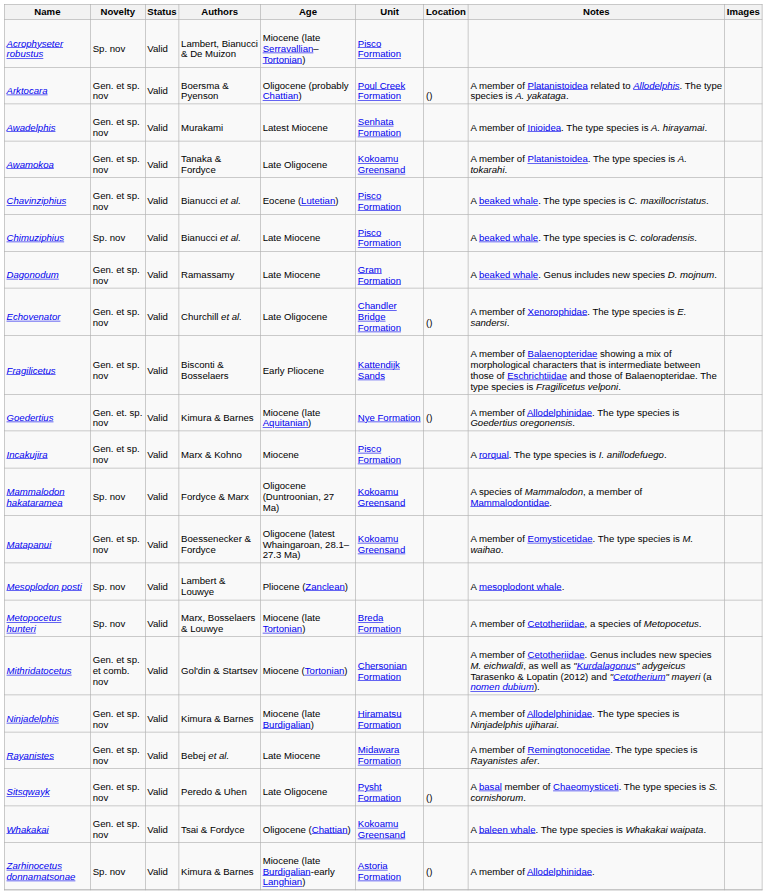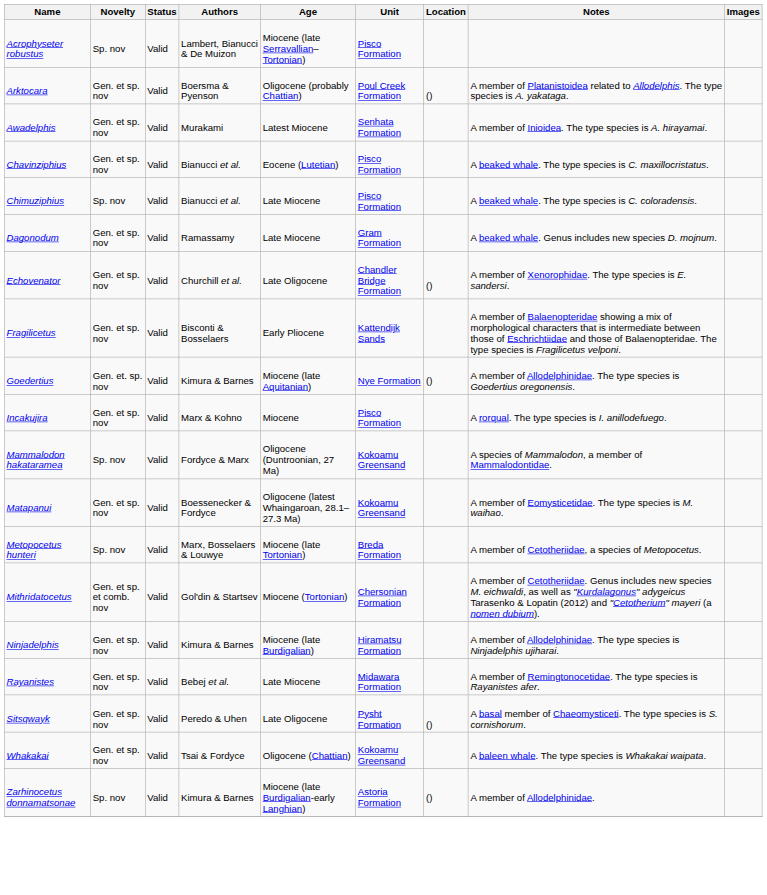 <table class="wikitable sortable" align="center" width="100%">
 <tr>
 <th>Name</th>
 <th>Novelty</th>
 <th>Status</th>
 <th>Authors</th>
 <th>Age</th>
 <th>Unit</th>
 <th>Location</th>
 <th>Notes</th>
 <th>Images</th>
 </tr>
 <tr>
 <td><br><em><a href='#'>Acrophyseter robustus</a></em></td>
 <td><br>Sp. nov</td>
 <td><br>Valid</td>
 <td><br>Lambert, Bianucci & De Muizon</td>
 <td><br>Miocene (late <a href='#'>Serravallian</a>–<a href='#'>Tortonian</a>)</td>
 <td><br><a href='#'>Pisco Formation</a></td>
 <td><br></td>
 <td></td>
 <td></td>
 </tr>
 <tr>
 <td><br><em><a href='#'>Arktocara</a></em></td>
 <td><br>Gen. et sp. nov</td>
 <td><br>Valid</td>
 <td><br>Boersma & Pyenson</td>
 <td><br>Oligocene (probably <a href='#'>Chattian</a>)</td>
 <td><br><a href='#'>Poul Creek Formation</a></td>
 <td><br><br>()</td>
 <td><br>A member of <a href='#'>Platanistoidea</a> related to <em><a href='#'>Allodelphis</a></em>. The type species is <em>A. yakataga</em>.</td>
 <td></td>
 </tr>
 <tr>
 <td><br><em><a href='#'>Awadelphis</a></em></td>
 <td><br>Gen. et sp. nov</td>
 <td><br>Valid</td>
 <td><br>Murakami</td>
 <td><br>Latest Miocene</td>
 <td><br><a href='#'>Senhata Formation</a></td>
 <td><br></td>
 <td><br>A member of <a href='#'>Inioidea</a>. The type species is <em>A. hirayamai</em>.</td>
-<td></td>
-</tr>
-<tr>
-<td><br><em><a href='#'>Awamokoa</a></em></td>
-<td><br>Gen. et sp. nov</td>
-<td><br>Valid</td>
-<td><br>Tanaka & Fordyce</td>
-<td><br>Late Oligocene</td>
-<td><br><a href='#'>Kokoamu Greensand</a></td>
-<td><br></td>
-<td><br>A member of <a href='#'>Platanistoidea</a>. The type species is <em>A. tokarahi</em>.</td>
 <td></td>
 </tr>
 <tr>
 <td><br><em><a href='#'>Chavinziphius</a></em></td>
 <td><br>Gen. et sp. nov</td>
 <td><br>Valid</td>
 <td><br>Bianucci <em>et al.</em></td>
 <td><br>Eocene (<a href='#'>Lutetian</a>)</td>
 <td><br><a href='#'>Pisco Formation</a></td>
 <td><br></td>
 <td><br>A <a href='#'>beaked whale</a>. The type species is <em>C. maxillocristatus</em>.</td>
 <td></td>
 </tr>
 <tr>
 <td><br><em><a href='#'>Chimuziphius</a></em></td>
 <td><br>Sp. nov</td>
 <td><br>Valid</td>
 <td><br>Bianucci <em>et al.</em></td>
 <td><br>Late Miocene</td>
 <td><br><a href='#'>Pisco Formation</a></td>
 <td><br></td>
 <td><br>A <a href='#'>beaked whale</a>. The type species is <em>C. coloradensis</em>.</td>
 <td></td>
 </tr>
 <tr>
 <td><br><em><a href='#'>Dagonodum</a></em></td>
 <td><br>Gen. et sp. nov</td>
 <td><br>Valid</td>
 <td><br>Ramassamy</td>
 <td><br>Late Miocene</td>
 <td><br><a href='#'>Gram Formation</a></td>
 <td><br></td>
 <td><br>A <a href='#'>beaked whale</a>. Genus includes new species <em>D. mojnum</em>.</td>
 <td></td>
 </tr>
 <tr>
 <td><br><em><a href='#'>Echovenator</a></em></td>
 <td><br>Gen. et sp. nov</td>
 <td><br>Valid</td>
 <td><br>Churchill <em>et al.</em></td>
 <td><br>Late Oligocene</td>
 <td><br><a href='#'>Chandler Bridge Formation</a></td>
 <td><br><br>()</td>
 <td><br>A member of <a href='#'>Xenorophidae</a>. The type species is <em>E. sandersi</em>.</td>
 <td></td>
 </tr>
 <tr>
 <td><br><em><a href='#'>Fragilicetus</a></em></td>
 <td><br>Gen. et sp. nov</td>
 <td><br>Valid</td>
 <td><br>Bisconti & Bosselaers</td>
 <td><br>Early Pliocene</td>
 <td><br><a href='#'>Kattendijk Sands</a></td>
 <td><br><br> </td>
 <td><br>A member of <a href='#'>Balaenopteridae</a> showing a mix of morphological characters that is intermediate between those of <a href='#'>Eschrichtiidae</a> and those of Balaenopteridae. The type species is <em>Fragilicetus velponi</em>.</td>
 <td></td>
 </tr>
 <tr>
 <td><br><em><a href='#'>Goedertius</a></em></td>
 <td><br>Gen. et. sp. nov</td>
 <td><br>Valid</td>
 <td><br>Kimura & Barnes</td>
 <td><br>Miocene (late <a href='#'>Aquitanian</a>)</td>
 <td><br><a href='#'>Nye Formation</a></td>
 <td><br> ()</td>
 <td><br>A member of <a href='#'>Allodelphinidae</a>. The type species is <em>Goedertius oregonensis</em>.</td>
 <td></td>
 </tr>
 <tr>
 <td><br><em><a href='#'>Incakujira</a></em></td>
 <td><br>Gen. et sp. nov</td>
 <td><br>Valid</td>
 <td><br>Marx & Kohno</td>
 <td><br>Miocene</td>
 <td><br><a href='#'>Pisco Formation</a></td>
 <td><br></td>
 <td><br>A <a href='#'>rorqual</a>. The type species is <em>I. anillodefuego</em>.</td>
 <td></td>
 </tr>
 <tr>
 <td><br><em><a href='#'>Mammalodon hakataramea</a></em></td>
 <td><br>Sp. nov</td>
 <td><br>Valid</td>
 <td><br>Fordyce & Marx</td>
 <td><br>Oligocene (Duntroonian, 27 Ma)</td>
 <td><br><a href='#'>Kokoamu Greensand</a></td>
 <td><br></td>
 <td><br>A species of <em>Mammalodon</em>, a member of <a href='#'>Mammalodontidae</a>.</td>
 <td></td>
 </tr>
 <tr>
 <td><br><em><a href='#'>Matapanui</a></em></td>
 <td><br>Gen. et sp. nov</td>
 <td><br>Valid</td>
 <td><br>Boessenecker & Fordyce</td>
 <td><br>Oligocene (latest Whaingaroan, 28.1–27.3 Ma)</td>
 <td><br><a href='#'>Kokoamu Greensand</a></td>
 <td><br></td>
 <td><br>A member of <a href='#'>Eomysticetidae</a>. The type species is <em>M. waihao</em>.</td>
 <td></td>
 </tr>
 <tr>
-<td><br><em><a href='#'>Mesoplodon posti</a></em></td>
-<td><br>Sp. nov</td>
-<td><br>Valid</td>
-<td><br>Lambert & Louwye</td>
-<td><br>Pliocene (<a href='#'>Zanclean</a>)</td>
-<td></td>
-<td><br></td>
-<td><br>A <a href='#'>mesoplodont whale</a>.</td>
-<td></td>
-</tr>
-<tr>
 <td><br><em><a href='#'>Metopocetus hunteri</a></em></td>
 <td><br>Sp. nov</td>
 <td><br>Valid</td>
 <td><br>Marx, Bosselaers & Louwye</td>
 <td><br>Miocene (late <a href='#'>Tortonian</a>)</td>
 <td><br><a href='#'>Breda Formation</a></td>
 <td><br></td>
 <td><br>A member of <a href='#'>Cetotheriidae</a>, a species of <em>Metopocetus</em>.</td>
 <td></td>
 </tr>
 <tr>
 <td><br><em><a href='#'>Mithridatocetus</a></em></td>
 <td><br>Gen. et sp. et comb. nov</td>
 <td><br>Valid</td>
 <td><br>Gol'din & Startsev</td>
 <td><br>Miocene (<a href='#'>Tortonian</a>)</td>
 <td><br><a href='#'>Chersonian Formation</a></td>
 <td><br></td>
 <td><br>A member of <a href='#'>Cetotheriidae</a>. Genus includes new species <em>M. eichwaldi</em>, as well as <em>"<a href='#'>Kurdalagonus</a>" adygeicus</em> Tarasenko & Lopatin (2012) and <em>"<a href='#'>Cetotherium</a>" mayeri</em> (a <em><a href='#'>nomen dubium</a></em>).</td>
 <td></td>
 </tr>
 <tr>
 <td><br><em><a href='#'>Ninjadelphis</a></em></td>
 <td><br>Gen. et sp. nov</td>
 <td><br>Valid</td>
 <td><br>Kimura & Barnes</td>
 <td><br>Miocene (late <a href='#'>Burdigalian</a>)</td>
 <td><br><a href='#'>Hiramatsu Formation</a></td>
 <td><br></td>
 <td><br>A member of <a href='#'>Allodelphinidae</a>. The type species is <em>Ninjadelphis ujiharai</em>.</td>
 <td></td>
 </tr>
 <tr>
 <td><br><em><a href='#'>Rayanistes</a></em></td>
 <td><br>Gen. et sp. nov</td>
 <td><br>Valid</td>
 <td><br>Bebej <em>et al.</em></td>
 <td><br>Late Miocene</td>
 <td><br><a href='#'>Midawara Formation</a></td>
 <td><br></td>
 <td><br>A member of <a href='#'>Remingtonocetidae</a>. The type species is <em>Rayanistes afer</em>.</td>
 <td></td>
 </tr>
 <tr>
 <td><br><em><a href='#'>Sitsqwayk</a></em></td>
 <td><br>Gen. et sp. nov</td>
 <td><br>Valid</td>
 <td><br>Peredo & Uhen</td>
 <td><br>Late Oligocene</td>
 <td><br><a href='#'>Pysht Formation</a></td>
 <td><br><br>()</td>
 <td><br>A <a href='#'>basal</a> member of <a href='#'>Chaeomysticeti</a>. The type species is <em>S. cornishorum</em>.</td>
 <td></td>
 </tr>
 <tr>
 <td><br><em><a href='#'>Whakakai</a></em></td>
 <td><br>Gen. et sp. nov</td>
 <td><br>Valid</td>
 <td><br>Tsai & Fordyce</td>
 <td><br>Oligocene (<a href='#'>Chattian</a>)</td>
 <td><br><a href='#'>Kokoamu Greensand</a></td>
 <td><br></td>
 <td><br>A <a href='#'>baleen whale</a>. The type species is <em>Whakakai waipata</em>.</td>
 <td></td>
 </tr>
 <tr>
 <td><br><em><a href='#'>Zarhinocetus donnamatsonae</a></em></td>
 <td><br>Sp. nov</td>
 <td><br>Valid</td>
 <td><br>Kimura & Barnes</td>
 <td><br>Miocene (late <a href='#'>Burdigalian</a>-early <a href='#'>Langhian</a>)</td>
 <td><br><a href='#'>Astoria Formation</a></td>
 <td><br> ()</td>
 <td><br>A member of <a href='#'>Allodelphinidae</a>.</td>
 <td></td>
 </tr>
 <tr>
 </tr>
 </table>
